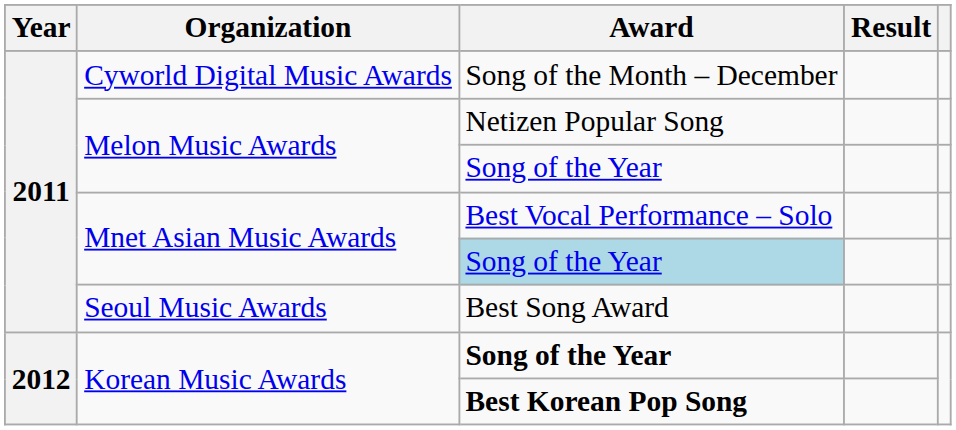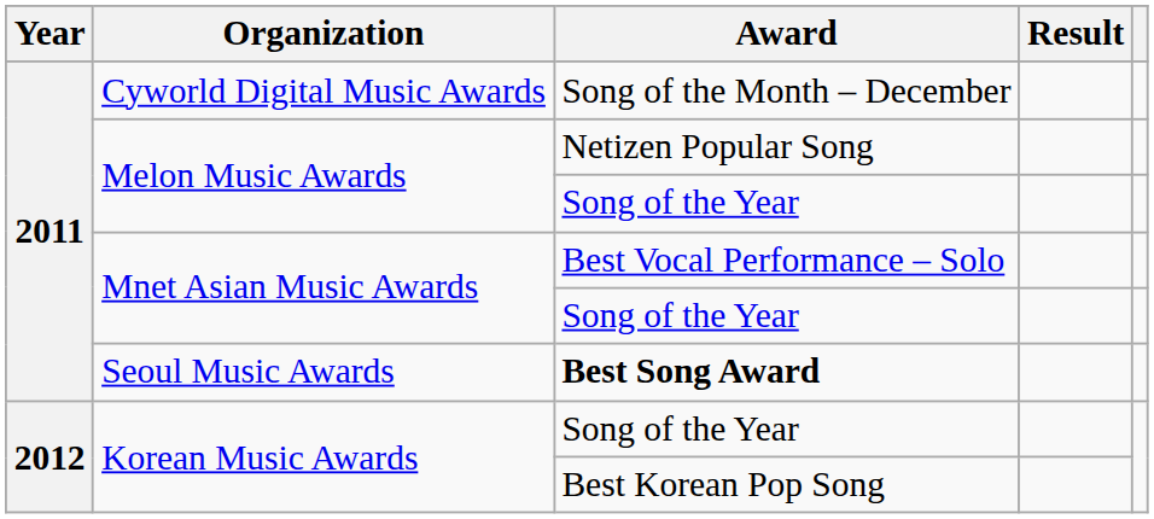 <table class="wikitable plainrowheaders">
 <tr>
 <th scope="col">Year</th>
 <th scope="col">Organization</th>
 <th scope="col">Award</th>
 <th scope="col">Result</th>
 <th class="unsortable"></th>
 </tr>
 <tr>
 <th scope="row" rowspan="6">2011</th>
 <td><a href='#'>Cyworld Digital Music Awards</a></td>
 <td>Song of the Month – December</td>
 <td></td>
 <td style="text-align:center;"></td>
 </tr>
 <tr>
 <td rowspan="2"><a href='#'>Melon Music Awards</a></td>
 <td>Netizen Popular Song</td>
 <td></td>
 <td style="text-align:center;"></td>
 </tr>
 <tr>
 <td><a href='#'>Song of the Year</a></td>
 <td></td>
 <td style="text-align:center;"></td>
 </tr>
 <tr>
 <td rowspan="2"><a href='#'>Mnet Asian Music Awards</a></td>
 <td><a href='#'>Best Vocal Performance – Solo</a></td>
 <td></td>
 <td style="text-align:center;"></td>
 </tr>
 <tr>
-<td style="background: lightblue;"><a href='#'>Song of the Year</a></td>
+<td><a href='#'>Song of the Year</a></td>
 <td></td>
 <td style="text-align:center;"></td>
 </tr>
 <tr>
 <td><a href='#'>Seoul Music Awards</a></td>
-<td>Best Song Award</td>
+<td><strong>Best Song Award</strong></td>
 <td></td>
 <td style="text-align:center;"></td>
 </tr>
 <tr>
 <th scope="row" rowspan="2">2012</th>
 <td rowspan="2"><a href='#'>Korean Music Awards</a></td>
-<td><strong>Song of the Year</strong></td>
+<td>Song of the Year</td>
 <td></td>
 <td style="text-align:center;" rowspan="2"></td>
 </tr>
 <tr>
-<td><strong>Best Korean Pop Song</strong></td>
+<td>Best Korean Pop Song</td>
 <td></td>
 </tr>
 </table>
